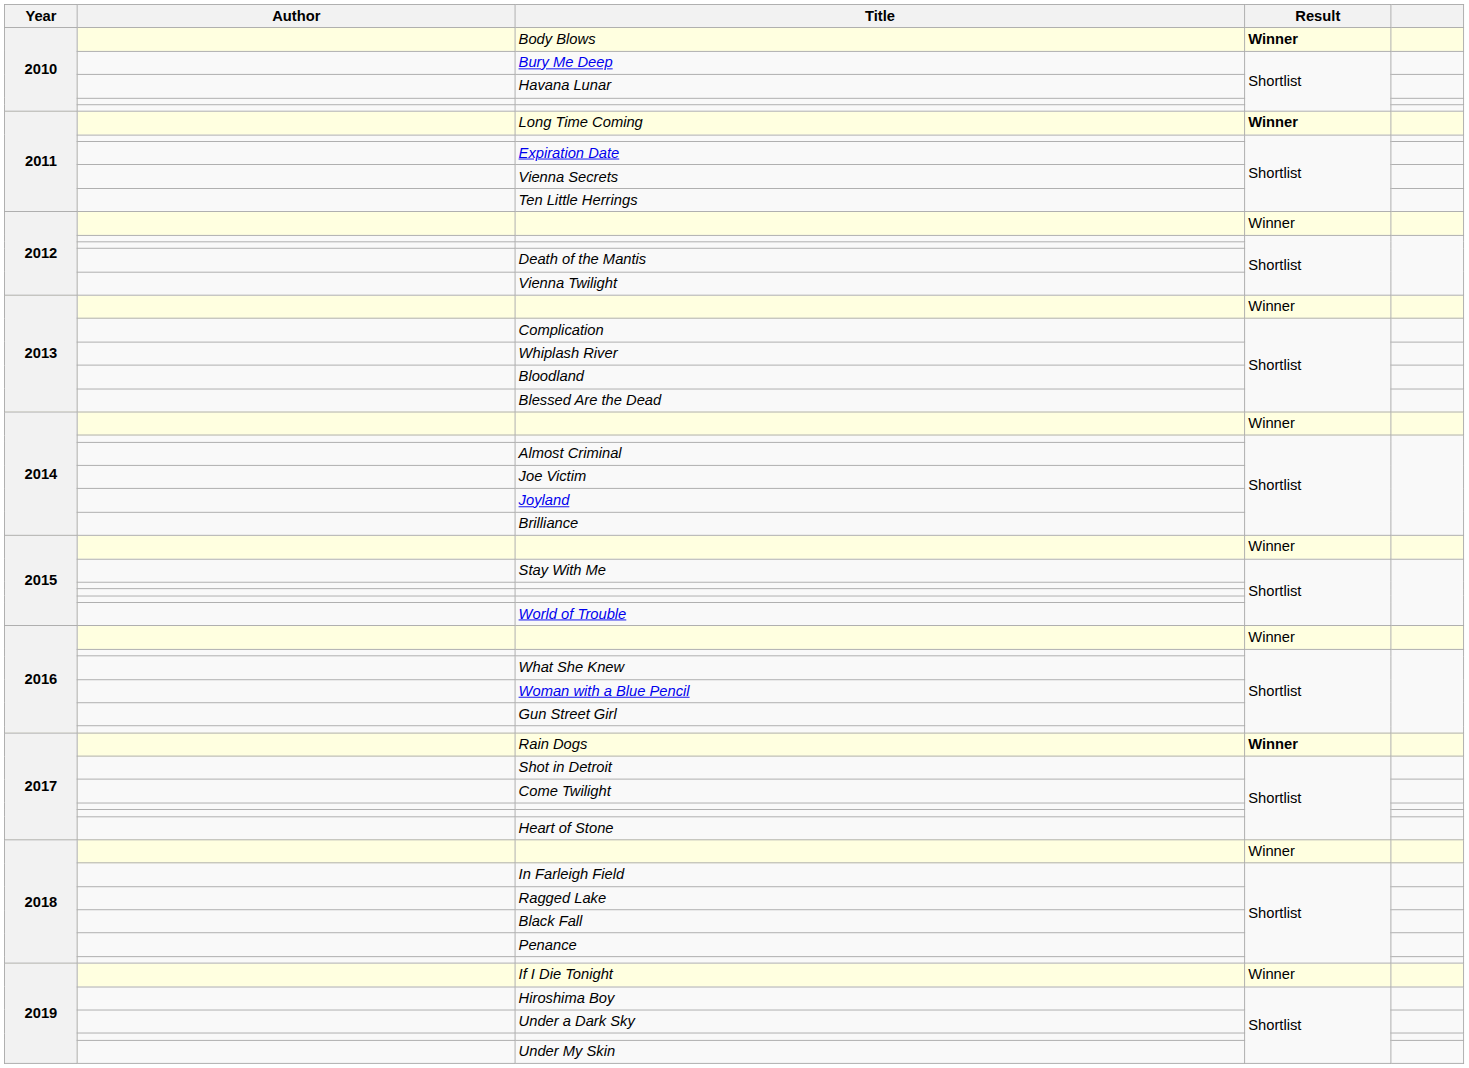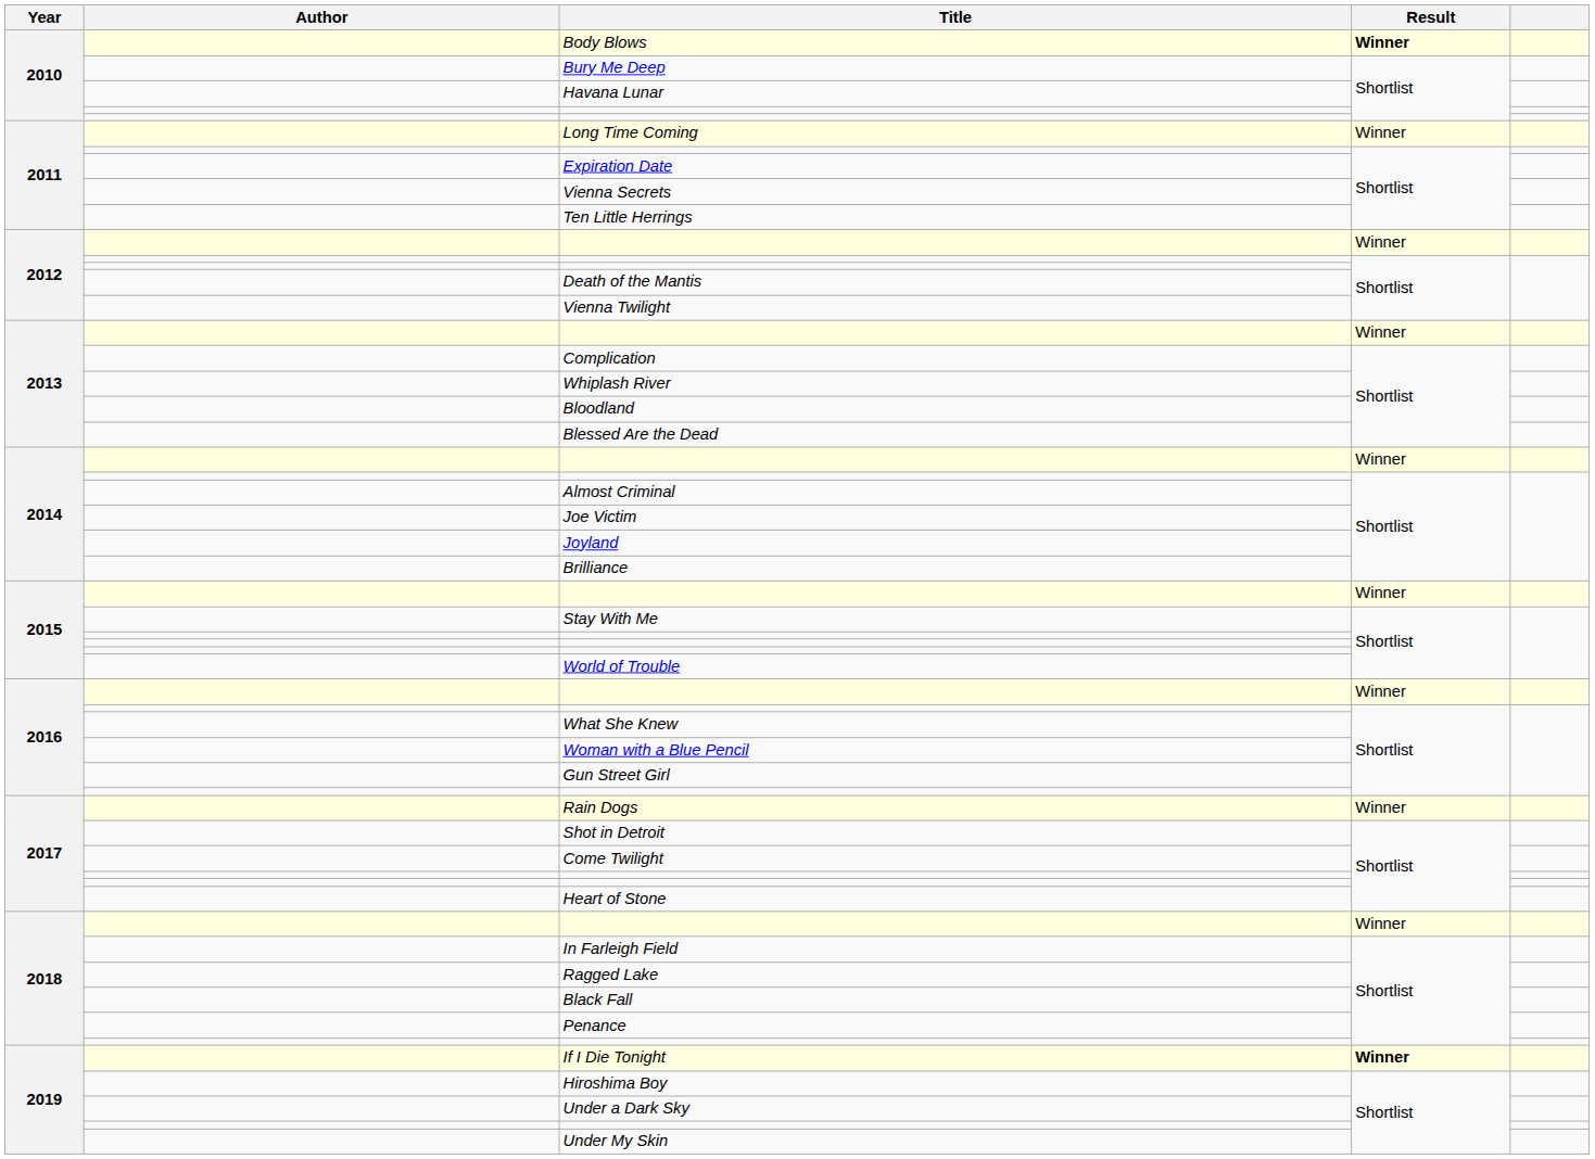 <table class="wikitable sortable mw-collapsible" style="width:80%">
 <tr>
 <th scope="col" width="5%">Year</th>
 <th scope="col" width="30%">Author</th>
 <th scope="col" width="50%">Title</th>
 <th scope="col" width="10%">Result</th>
 <th scope="col" width="5%"></th>
 </tr>
 <tr style="background:lightyellow;">
 <th rowspan="5">2010</th>
 <td></td>
 <td><em>Body Blows</em></td>
 <td><strong>Winner</strong></td>
 <td></td>
 </tr>
 <tr>
 <td></td>
 <td><em><a href='#'>Bury Me Deep</a></em></td>
 <td rowspan="4">Shortlist</td>
 <td></td>
 </tr>
 <tr>
 <td></td>
 <td><em>Havana Lunar</em></td>
 <td></td>
 </tr>
 <tr>
 <td></td>
 <td></td>
 <td></td>
 </tr>
 <tr>
 <td></td>
 <td></td>
 <td></td>
 </tr>
 <tr style="background:lightyellow;">
 <th rowspan="5">2011</th>
 <td></td>
 <td><em>Long Time Coming</em></td>
-<td><strong>Winner</strong></td>
+<td>Winner</td>
 <td></td>
 </tr>
 <tr>
 <td></td>
 <td></td>
 <td rowspan="4">Shortlist</td>
 <td></td>
 </tr>
 <tr>
 <td></td>
 <td><em><a href='#'>Expiration Date</a></em></td>
 <td></td>
 </tr>
 <tr>
 <td></td>
 <td><em>Vienna Secrets</em></td>
 <td></td>
 </tr>
 <tr>
 <td></td>
 <td><em>Ten Little Herrings</em></td>
 <td></td>
 </tr>
 <tr style="background:lightyellow;">
 <th rowspan="5">2012</th>
 <td></td>
 <td><em></em></td>
 <td>Winner</td>
 <td></td>
 </tr>
 <tr>
 <td></td>
 <td><em></em></td>
 <td rowspan="4">Shortlist</td>
 <td rowspan="4"></td>
 </tr>
 <tr>
 <td></td>
 <td><em></em></td>
 </tr>
 <tr>
 <td></td>
 <td><em>Death of the Mantis</em></td>
 </tr>
 <tr>
 <td></td>
 <td><em>Vienna Twilight</em></td>
 </tr>
 <tr style="background:lightyellow;">
 <th rowspan="5">2013</th>
 <td></td>
 <td><em></em></td>
 <td>Winner</td>
 <td></td>
 </tr>
 <tr>
 <td></td>
 <td><em>Complication</em></td>
 <td rowspan="4">Shortlist</td>
 <td></td>
 </tr>
 <tr>
 <td></td>
 <td><em>Whiplash River</em></td>
 <td></td>
 </tr>
 <tr>
 <td></td>
 <td><em>Bloodland</em></td>
 <td></td>
 </tr>
 <tr>
 <td></td>
 <td><em>Blessed Are the Dead</em></td>
 <td></td>
 </tr>
 <tr style="background:lightyellow;">
 <th rowspan="6">2014</th>
 <td></td>
 <td><em></em></td>
 <td>Winner</td>
 <td></td>
 </tr>
 <tr>
 <td></td>
 <td><em></em></td>
 <td rowspan="5">Shortlist</td>
 <td rowspan="5"></td>
 </tr>
 <tr>
 <td></td>
 <td><em>Almost Criminal</em></td>
 </tr>
 <tr>
 <td></td>
 <td><em>Joe Victim</em></td>
 </tr>
 <tr>
 <td></td>
 <td><em><a href='#'>Joyland</a></em></td>
 </tr>
 <tr>
 <td></td>
 <td><em>Brilliance</em></td>
 </tr>
 <tr style="background:lightyellow;">
 <th rowspan="6">2015</th>
 <td></td>
 <td><em></em></td>
 <td>Winner</td>
 <td></td>
 </tr>
 <tr>
 <td></td>
 <td><em>Stay With Me</em></td>
 <td rowspan="5">Shortlist</td>
 <td rowspan="5"></td>
 </tr>
 <tr>
 <td></td>
 <td><em></em></td>
 </tr>
 <tr>
 <td></td>
 <td><em></em></td>
 </tr>
 <tr>
 <td></td>
 <td><em></em></td>
 </tr>
 <tr>
 <td></td>
 <td><em><a href='#'>World of Trouble</a></em></td>
 </tr>
 <tr style="background:lightyellow;">
 <th rowspan="6">2016</th>
 <td></td>
 <td><em></em></td>
 <td>Winner</td>
 <td></td>
 </tr>
 <tr>
 <td></td>
 <td><em></em></td>
 <td rowspan="5">Shortlist</td>
 <td rowspan="5"></td>
 </tr>
 <tr>
 <td></td>
 <td><em>What She Knew</em></td>
 </tr>
 <tr>
 <td></td>
 <td><em><a href='#'>Woman with a Blue Pencil</a></em></td>
 </tr>
 <tr>
 <td></td>
 <td><em>Gun Street Girl</em></td>
 </tr>
 <tr>
 <td></td>
 <td><em></em></td>
 </tr>
 <tr style="background:lightyellow;">
 <th rowspan="6">2017</th>
 <td></td>
 <td><em>Rain Dogs</em></td>
-<td><strong>Winner</strong></td>
+<td>Winner</td>
 <td></td>
 </tr>
 <tr>
 <td></td>
 <td><em>Shot in Detroit</em></td>
 <td rowspan="5">Shortlist</td>
 <td></td>
 </tr>
 <tr>
 <td></td>
 <td><em>Come Twilight</em></td>
 <td></td>
 </tr>
 <tr>
 <td></td>
 <td></td>
 <td></td>
 </tr>
 <tr>
 <td></td>
 <td></td>
 <td></td>
 </tr>
 <tr>
 <td></td>
 <td><em>Heart of Stone</em></td>
 <td></td>
 </tr>
 <tr style="background:lightyellow;">
 <th rowspan="6">2018</th>
 <td></td>
 <td><em></em></td>
 <td>Winner</td>
 <td></td>
 </tr>
 <tr>
 <td></td>
 <td><em>In Farleigh Field</em></td>
 <td rowspan="5">Shortlist</td>
 <td></td>
 </tr>
 <tr>
 <td></td>
 <td><em>Ragged Lake</em></td>
 <td></td>
 </tr>
 <tr>
 <td></td>
 <td><em>Black Fall</em></td>
 <td></td>
 </tr>
 <tr>
 <td></td>
 <td><em>Penance</em></td>
 <td></td>
 </tr>
 <tr>
 <td></td>
 <td></td>
 <td></td>
 </tr>
 <tr style="background:lightyellow;">
 <th rowspan="5">2019</th>
 <td></td>
 <td><em>If I Die Tonight</em></td>
-<td>Winner</td>
+<td><strong>Winner</strong></td>
 <td></td>
 </tr>
 <tr>
 <td></td>
 <td><em>Hiroshima Boy</em></td>
 <td rowspan="4">Shortlist</td>
 <td></td>
 </tr>
 <tr>
 <td></td>
 <td><em>Under a Dark Sky</em></td>
 <td></td>
 </tr>
 <tr>
 <td></td>
 <td></td>
 <td></td>
 </tr>
 <tr>
 <td></td>
 <td><em>Under My Skin</em></td>
 <td></td>
 </tr>
 </table>
